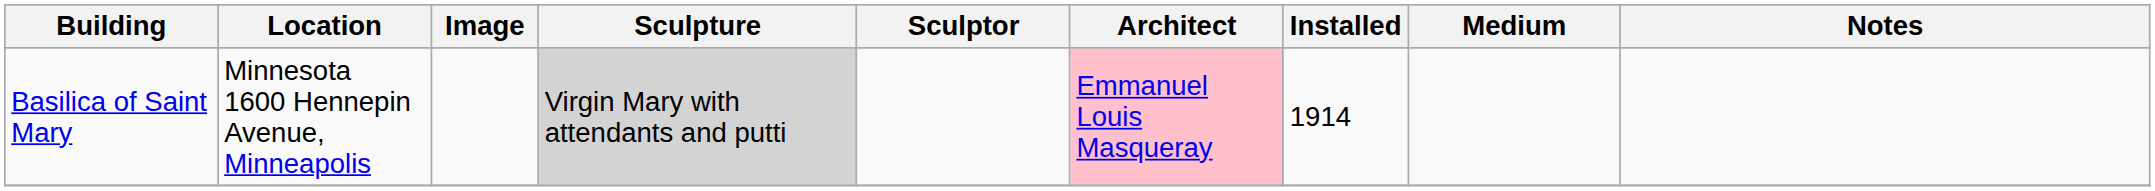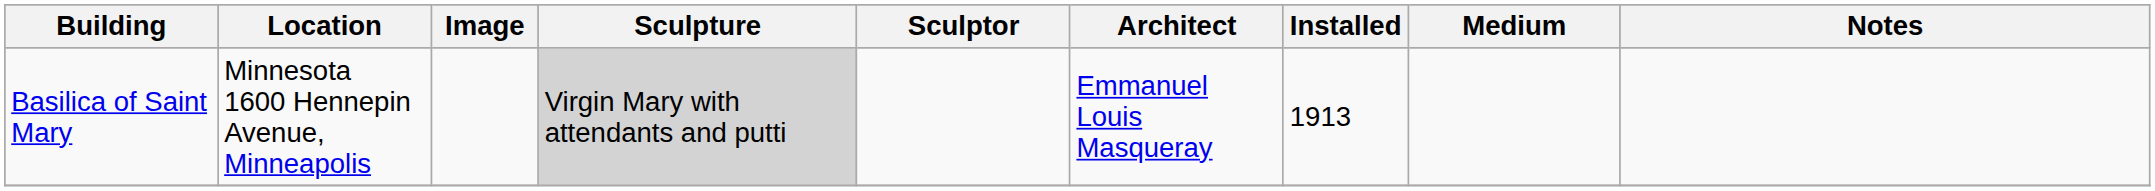 <table class="wikitable sortable">
 <tr>
 <th width="10%">Building</th>
 <th width="10%">Location</th>
 <th width="5%">Image</th>
 <th width="15%">Sculpture</th>
 <th width="10%">Sculptor</th>
 <th width="10%">Architect</th>
 <th width="5%">Installed</th>
 <th width="10%">Medium</th>
 <th width="25%">Notes</th>
 </tr>
 <tr>
 <td><a href='#'>Basilica of Saint Mary</a></td>
 <td>Minnesota<br>1600 Hennepin Avenue,<br><a href='#'>Minneapolis</a></td>
 <td></td>
 <td style="background: lightgrey;">Virgin Mary with attendants and putti</td>
 <td></td>
-<td style="background: pink;"><a href='#'>Emmanuel Louis Masqueray</a></td>
-<td>1914</td>
+<td><a href='#'>Emmanuel Louis Masqueray</a></td>
+<td>1913</td>
 <td></td>
 <td></td>
 </tr>
 <tr>
 </tr>
 </table>
